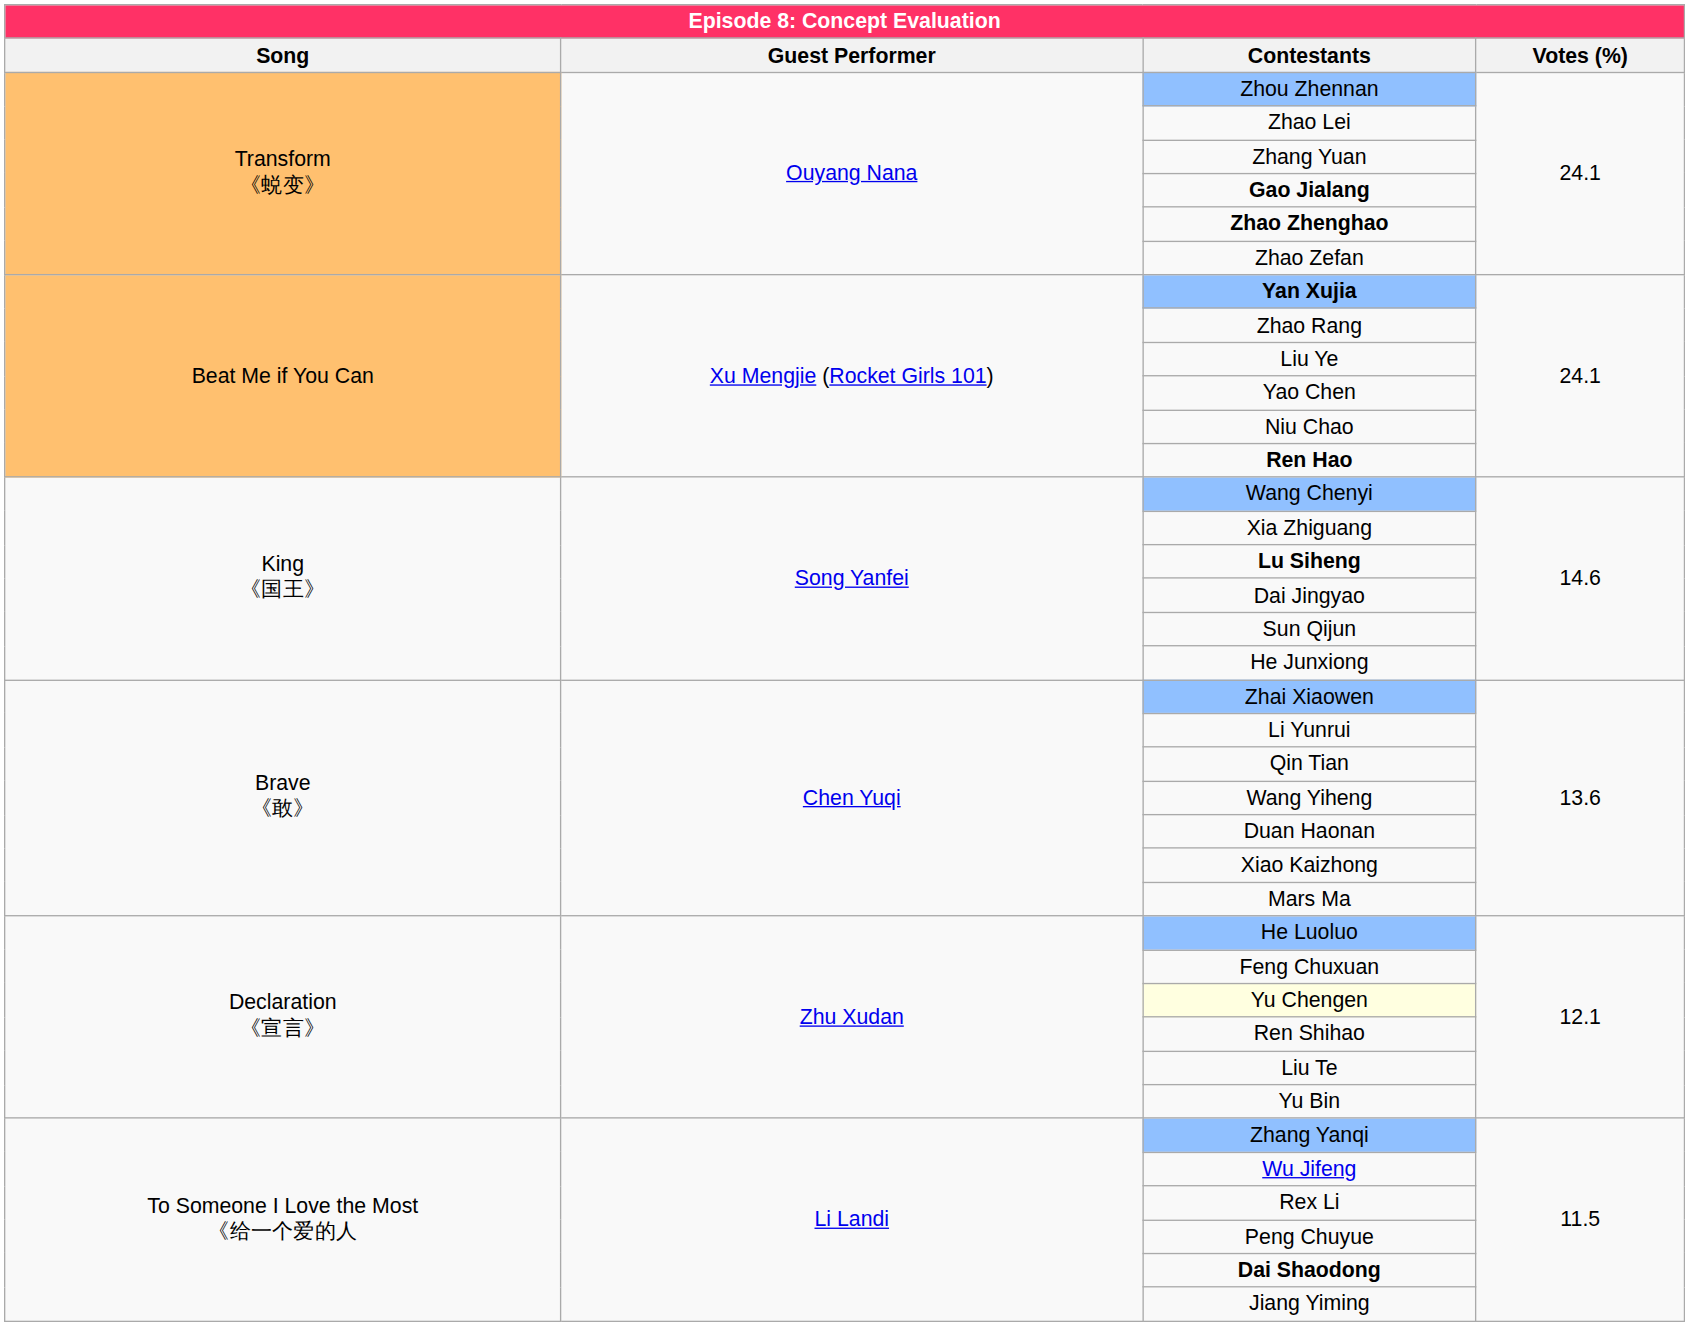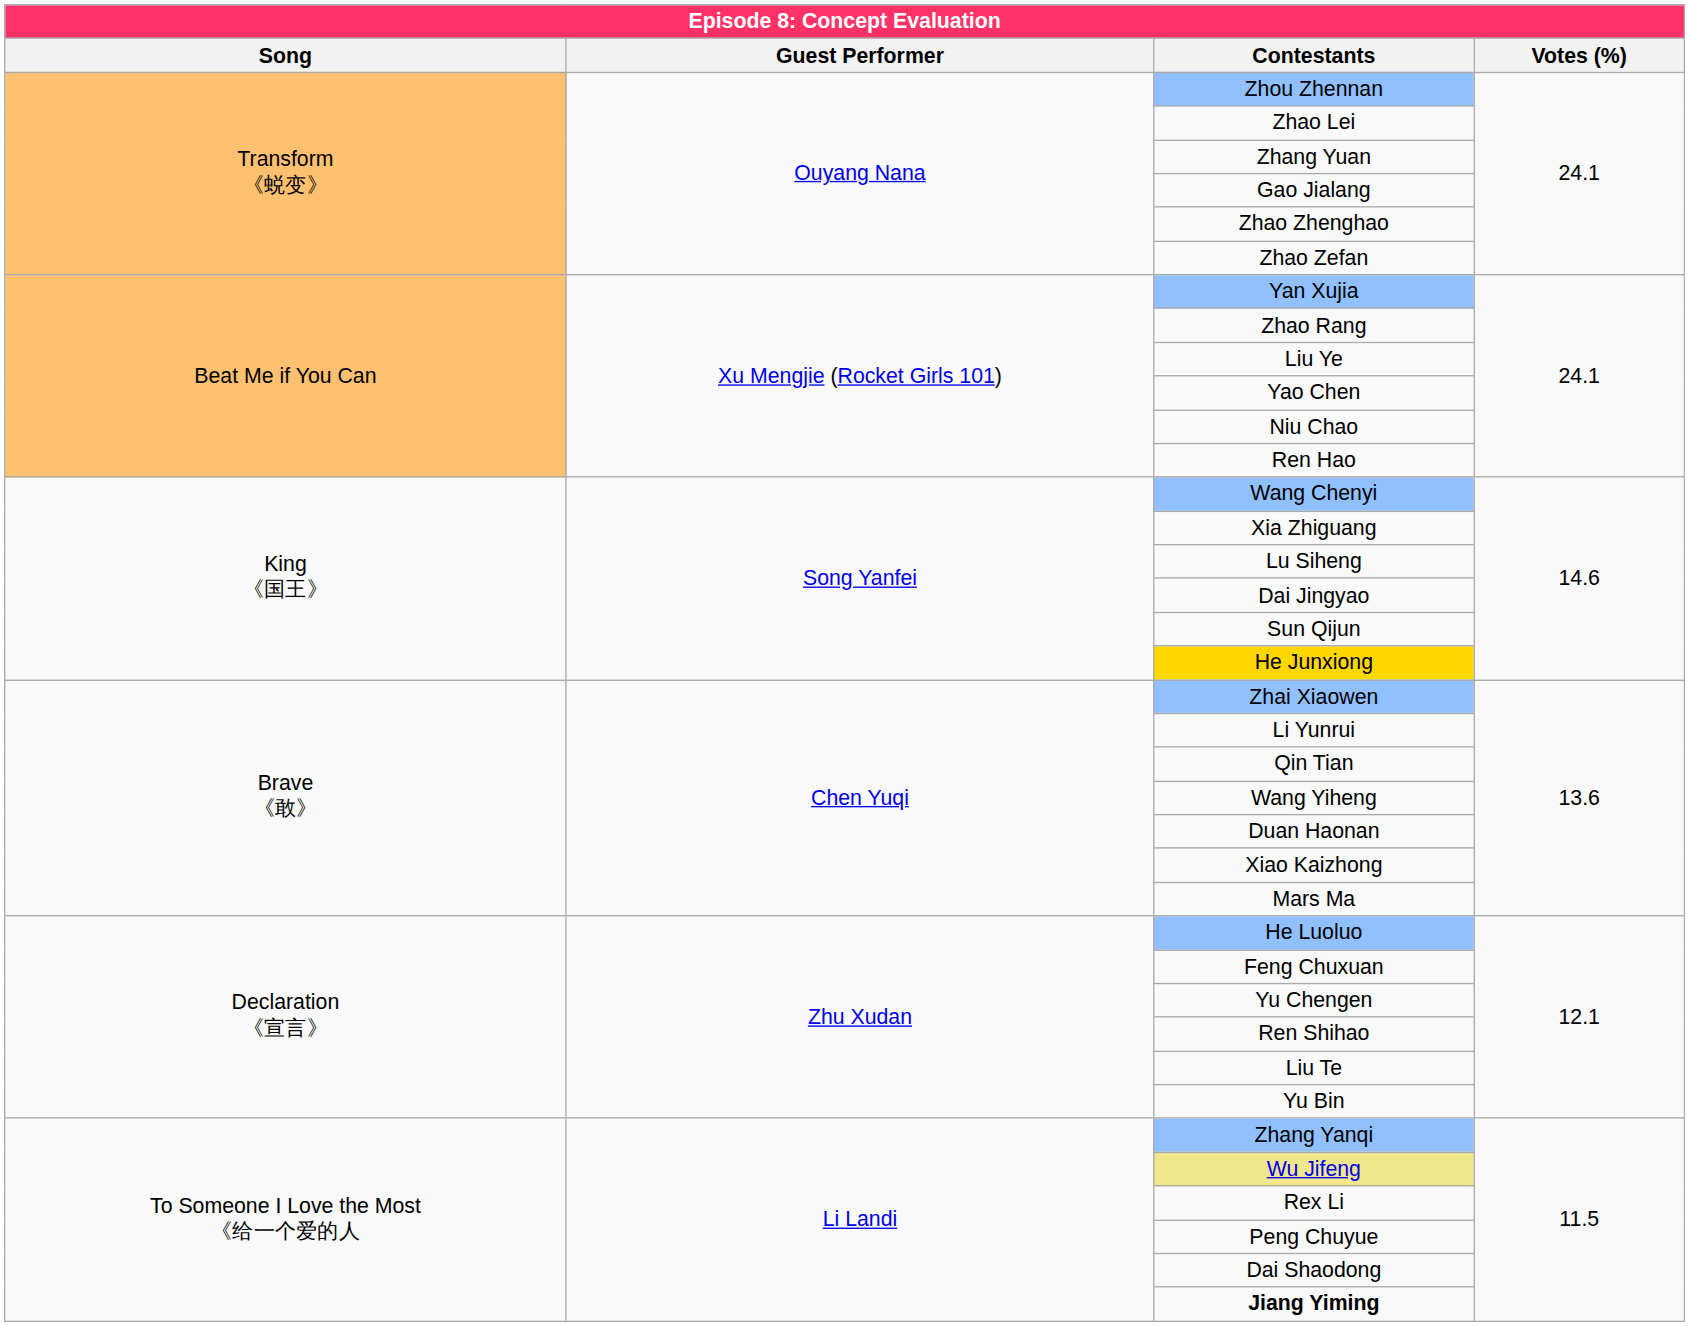 <table class="wikitable sortable" style="text-align:center" width="100%">
 <tr>
 <th colspan="4" style="background:#FF3166; color:white">Episode 8: Concept Evaluation</th>
 </tr>
 <tr>
 <th>Song</th>
 <th>Guest Performer</th>
 <th>Contestants</th>
 <th>Votes (%)</th>
 </tr>
 <tr>
 <td rowspan="6" style="background:#FFC06F">Transform<br>《蜕变》</td>
 <td rowspan="6"><a href='#'>Ouyang Nana</a></td>
 <td style=background:#90C0FF;>Zhou Zhennan</td>
 <td rowspan="6">24.1</td>
 </tr>
 <tr>
 <td>Zhao Lei</td>
 </tr>
 <tr>
 <td>Zhang Yuan</td>
 </tr>
 <tr>
-<td><strong>Gao Jialang</strong></td>
+<td>Gao Jialang</td>
 </tr>
 <tr>
-<td><strong>Zhao Zhenghao</strong></td>
+<td>Zhao Zhenghao</td>
 </tr>
 <tr>
 <td>Zhao Zefan</td>
 </tr>
 <tr>
 <td rowspan="6" style="background:#FFC06F">Beat Me if You Can</td>
 <td rowspan="6"><a href='#'>Xu Mengjie</a> (<a href='#'>Rocket Girls 101</a>)</td>
-<td style=background:#90C0FF;><strong>Yan Xujia</strong></td>
+<td style=background:#90C0FF;>Yan Xujia</td>
 <td rowspan="6">24.1</td>
 </tr>
 <tr>
 <td>Zhao Rang</td>
 </tr>
 <tr>
 <td>Liu Ye</td>
 </tr>
 <tr>
 <td>Yao Chen</td>
 </tr>
 <tr>
 <td>Niu Chao</td>
 </tr>
 <tr>
-<td><strong>Ren Hao</strong></td>
+<td>Ren Hao</td>
 </tr>
 <tr>
 <td rowspan="6">King<br>《国王》</td>
 <td rowspan="6"><a href='#'>Song Yanfei</a></td>
 <td style=background:#90C0FF;>Wang Chenyi</td>
 <td rowspan="6">14.6</td>
 </tr>
 <tr>
 <td>Xia Zhiguang</td>
 </tr>
 <tr>
-<td><strong>Lu Siheng</strong></td>
+<td>Lu Siheng</td>
 </tr>
 <tr>
 <td>Dai Jingyao</td>
 </tr>
 <tr>
 <td>Sun Qijun</td>
 </tr>
 <tr>
-<td>He Junxiong</td>
+<td style="background: gold;">He Junxiong</td>
 </tr>
 <tr>
 <td rowspan=7>Brave<br>《敢》</td>
 <td rowspan="7"><a href='#'>Chen Yuqi</a></td>
 <td style=background:#90C0FF;>Zhai Xiaowen</td>
 <td rowspan="7">13.6</td>
 </tr>
 <tr>
 <td>Li Yunrui</td>
 </tr>
 <tr>
 <td>Qin Tian</td>
 </tr>
 <tr>
 <td>Wang Yiheng</td>
 </tr>
 <tr>
 <td>Duan Haonan</td>
 </tr>
 <tr>
 <td>Xiao Kaizhong</td>
 </tr>
 <tr>
 <td>Mars Ma</td>
 </tr>
 <tr>
 <td rowspan=6>Declaration<br>《宣言》</td>
 <td rowspan="6"><a href='#'>Zhu Xudan</a></td>
 <td style=background:#90C0FF;>He Luoluo</td>
 <td rowspan="6">12.1</td>
 </tr>
 <tr>
 <td>Feng Chuxuan</td>
 </tr>
 <tr>
-<td style="background: lightyellow;">Yu Chengen</td>
+<td>Yu Chengen</td>
 </tr>
 <tr>
 <td>Ren Shihao</td>
 </tr>
 <tr>
 <td>Liu Te</td>
 </tr>
 <tr>
 <td>Yu Bin</td>
 </tr>
 <tr>
 <td rowspan=6>To Someone I Love the Most<br>《给一个爱的人</td>
 <td rowspan="6"><a href='#'>Li Landi</a></td>
 <td style=background:#90C0FF;>Zhang Yanqi</td>
 <td rowspan="6">11.5</td>
 </tr>
 <tr>
-<td><a href='#'>Wu Jifeng</a></td>
+<td style="background: khaki;"><a href='#'>Wu Jifeng</a></td>
 </tr>
 <tr>
 <td>Rex Li</td>
 </tr>
 <tr>
 <td>Peng Chuyue</td>
 </tr>
 <tr>
-<td><strong>Dai Shaodong</strong></td>
+<td>Dai Shaodong</td>
 </tr>
 <tr>
-<td>Jiang Yiming</td>
+<td><strong>Jiang Yiming</strong></td>
 </tr>
 </table>
